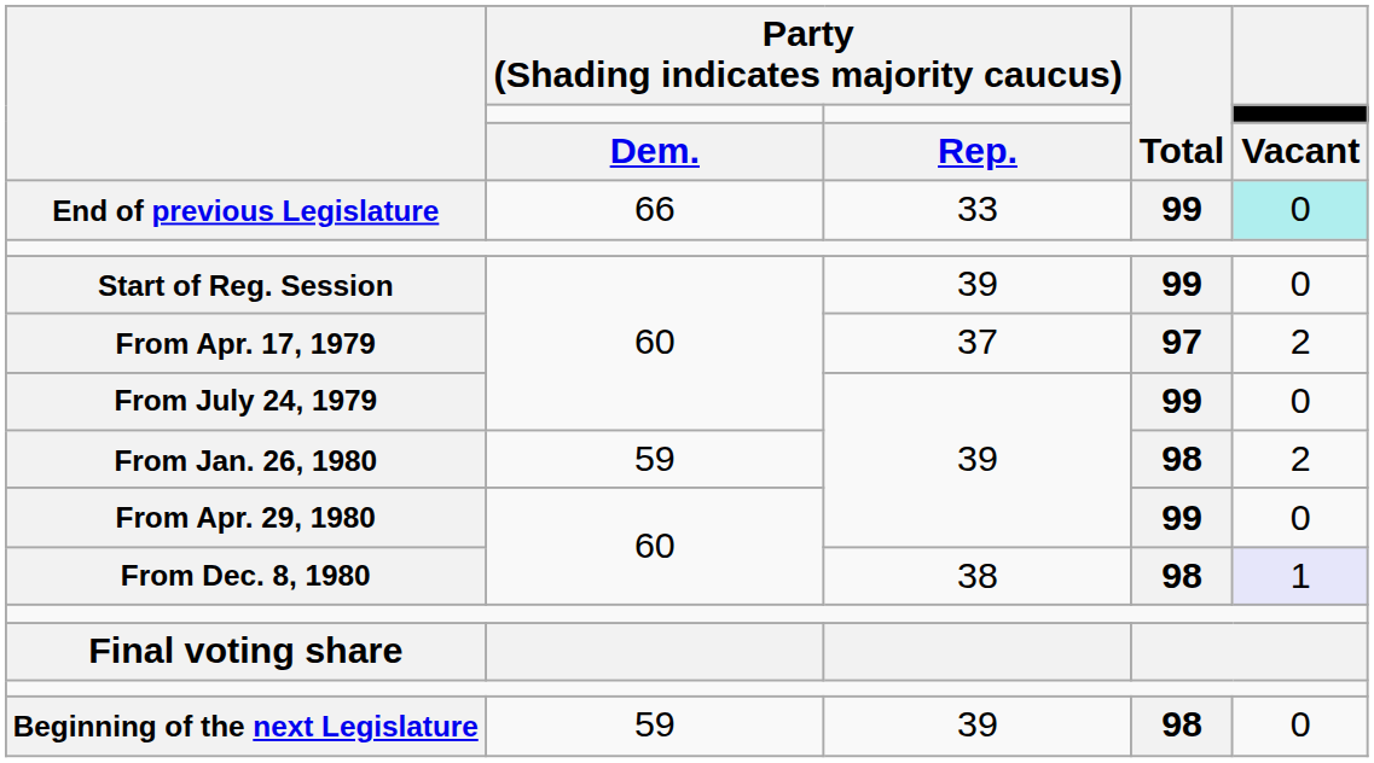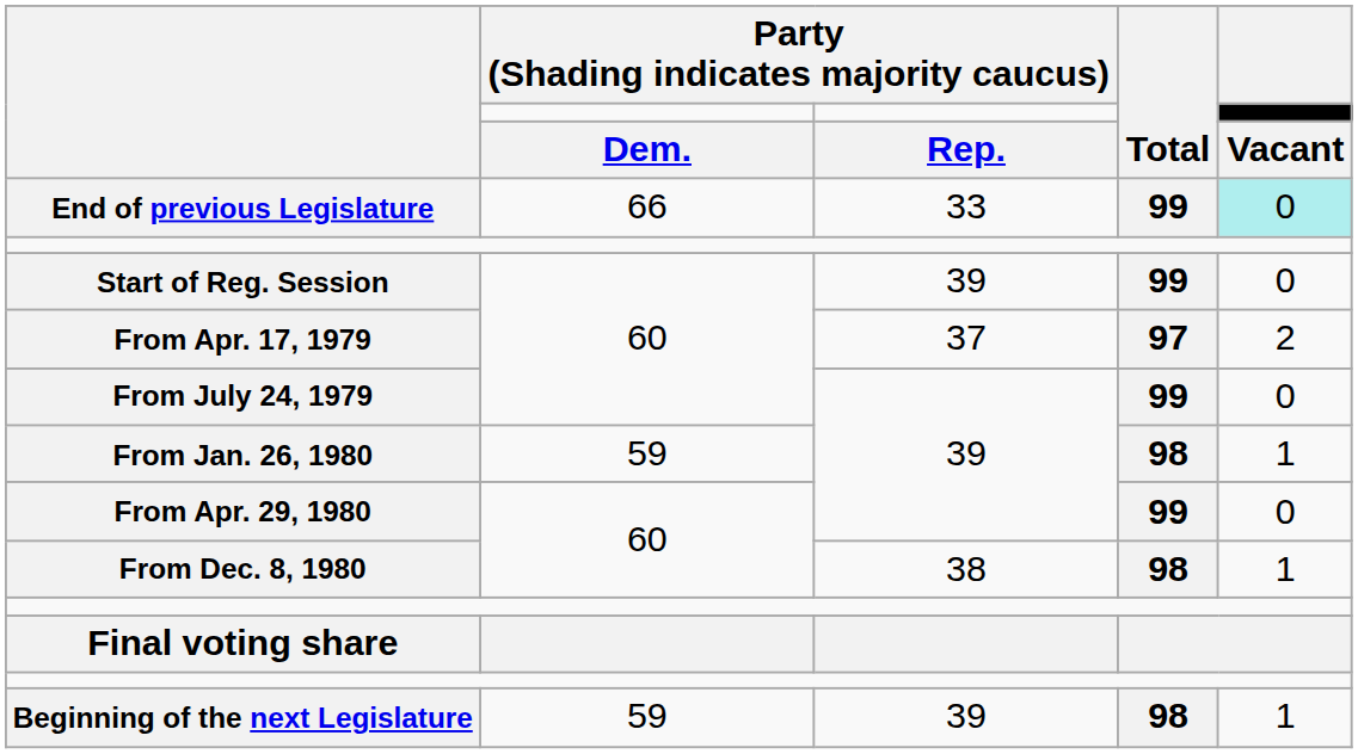 <table class=wikitable style="text-align:center">
 <tr style="vertical-align:bottom;">
 <th rowspan=3></th>
 <th colspan=2>Party <div>(Shading indicates majority caucus)</div></th>
 <th rowspan=3>Total</th>
 <th></th>
 </tr>
 <tr style="height:5px">
 <td style="background-color:"></td>
 <td style="background-color:"></td>
 <td style="background:black;"></td>
 </tr>
 <tr>
 <th><a href='#'>Dem.</a></th>
 <th><a href='#'>Rep.</a></th>
 <th>Vacant</th>
 </tr>
 <tr>
 <th style="font-size:80%;">End of <a href='#'>previous Legislature</a></th>
 <td>66</td>
 <td>33</td>
 <th>99</th>
 <td style="background: paleturquoise;">0</td>
 </tr>
 <tr>
 <td colspan=6></td>
 </tr>
 <tr>
 <th style="font-size:80%;">Start of Reg. Session</th>
 <td rowspan="3" >60</td>
 <td>39</td>
 <th>99</th>
 <td>0</td>
 </tr>
 <tr>
 <th style="font-size:80%;">From Apr. 17, 1979</th>
 <td>37</td>
 <th>97</th>
 <td>2</td>
 </tr>
 <tr>
 <th style="font-size:80%;">From July 24, 1979</th>
 <td rowspan="3">39</td>
 <th>99</th>
 <td>0</td>
 </tr>
 <tr>
 <th style="font-size:80%;">From Jan. 26, 1980</th>
 <td>59</td>
 <th>98</th>
-<td>2</td>
+<td>1</td>
 </tr>
 <tr>
 <th style="font-size:80%;">From Apr. 29, 1980</th>
 <td rowspan="2" >60</td>
 <th>99</th>
 <td>0</td>
 </tr>
 <tr>
 <th style="font-size:80%;">From Dec. 8, 1980</th>
 <td>38</td>
 <th>98</th>
-<td style="background: lavender;">1</td>
+<td>1</td>
 </tr>
 <tr>
 <td colspan=5></td>
 </tr>
 <tr>
 <th>Final voting share</th>
 <th></th>
 <th></th>
 <th colspan=2></th>
 </tr>
 <tr>
 <td colspan=5></td>
 </tr>
 <tr>
 <th style="font-size:80%;">Beginning of the <a href='#'>next Legislature</a></th>
 <td>59</td>
 <td>39</td>
 <th>98</th>
-<td>0</td>
+<td>1</td>
 </tr>
 </table>
